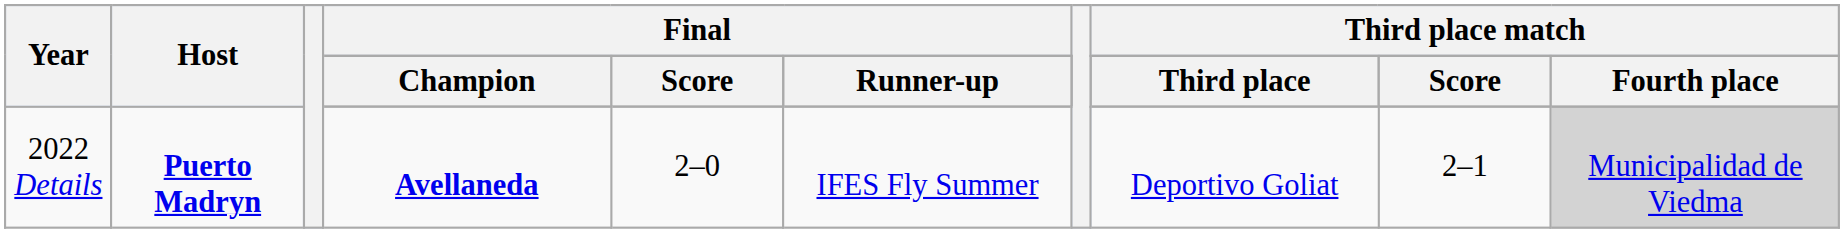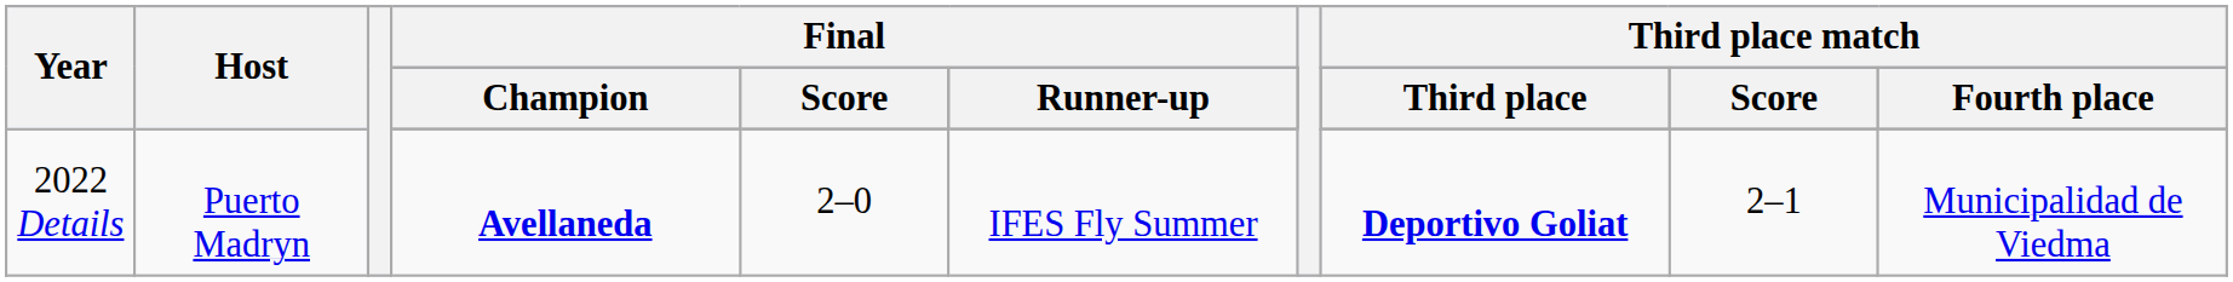 <table class="wikitable" style="font-size:90%; width: 98%; text-align: center;">
 <tr bgcolor=#C1D8FF>
 <th rowspan=2 width=5%>Year</th>
 <th rowspan=2 width=10%>Host</th>
 <th width=1% rowspan=100 bgcolor=ffffff></th>
 <th colspan=3>Final</th>
 <th width=1% rowspan=100 bgcolor=ffffff></th>
 <th colspan=3>Third place match</th>
 </tr>
 <tr bgcolor=FEF>
 <th width=15%>Champion</th>
 <th width=9%>Score</th>
 <th width=15%>Runner-up</th>
 <th width=15%>Third place</th>
 <th width=9%>Score</th>
 <th width=15%>Fourth place</th>
 </tr>
 <tr>
 <td>2022<br><em><a href='#'>Details</a></em></td>
-<td><strong><br><a href='#'>Puerto Madryn</a></strong></td>
+<td><br><a href='#'>Puerto Madryn</a></td>
 <td><strong><br> <a href='#'>Avellaneda</a></strong></td>
 <td>2–0</td>
 <td><br> <a href='#'>IFES Fly Summer</a></td>
-<td><br> <a href='#'>Deportivo Goliat</a></td>
+<td><strong><br> <a href='#'>Deportivo Goliat</a></strong></td>
 <td>2–1</td>
-<td style="background: lightgrey;"><br> <a href='#'>Municipalidad de Viedma</a></td>
+<td><br> <a href='#'>Municipalidad de Viedma</a></td>
 </tr>
 </table>
